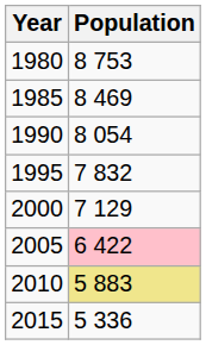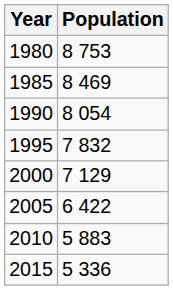 <table class="wikitable">
 <tr>
 <th>Year</th>
 <th>Population</th>
 </tr>
 <tr>
 <td>1980</td>
 <td>8 753</td>
 </tr>
 <tr>
 <td>1985</td>
 <td>8 469</td>
 </tr>
 <tr>
 <td>1990</td>
 <td>8 054</td>
 </tr>
 <tr>
 <td>1995</td>
 <td>7 832</td>
 </tr>
 <tr>
 <td>2000</td>
 <td>7 129</td>
 </tr>
 <tr>
 <td>2005</td>
-<td style="background: pink;">6 422</td>
+<td>6 422</td>
 </tr>
 <tr>
 <td>2010</td>
-<td style="background: khaki;">5 883</td>
+<td>5 883</td>
 </tr>
 <tr>
 <td>2015</td>
 <td>5 336</td>
 </tr>
 </table>
